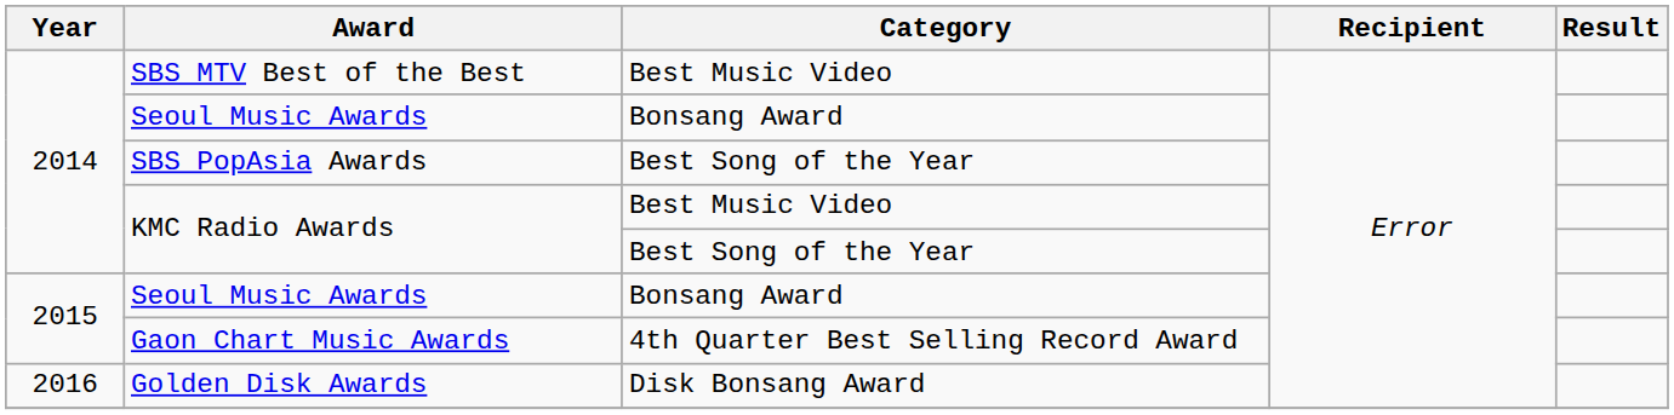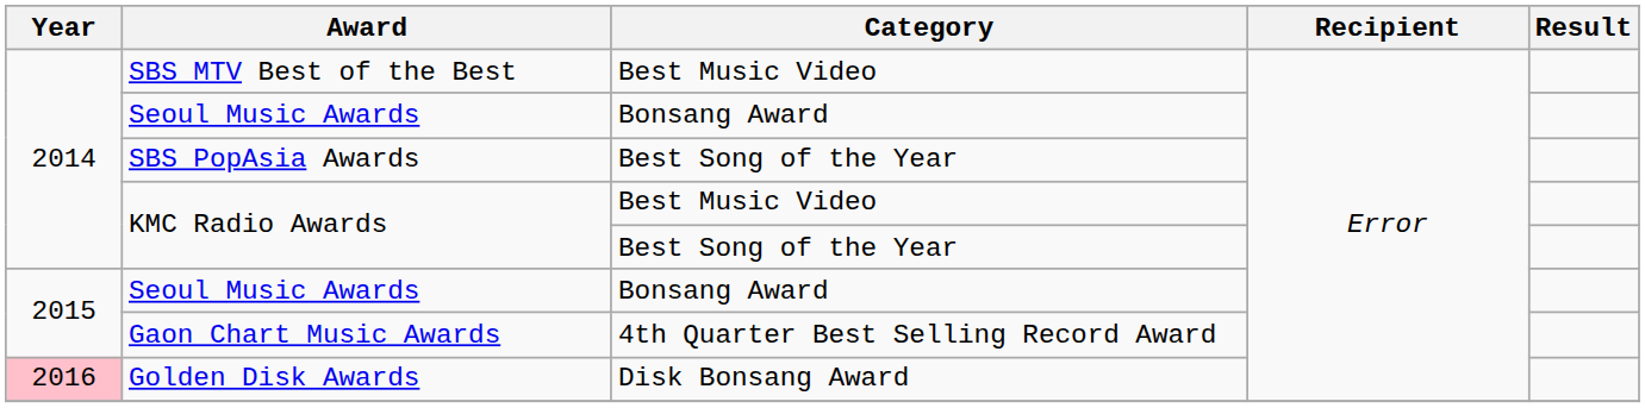 <table class="wikitable">
 <tr>
 <th style="width:50px;">Year</th>
 <th style="width:230px;">Award</th>
 <th style="width:300px;">Category</th>
 <th style="width:130px;">Recipient</th>
 <th>Result</th>
 </tr>
 <tr>
 <td align="center" rowspan="5">2014</td>
 <td><a href='#'>SBS MTV</a> Best of the Best</td>
 <td>Best Music Video</td>
 <td align="center" rowspan="8"><em>Error</em></td>
 <td></td>
 </tr>
 <tr>
 <td><a href='#'>Seoul Music Awards</a></td>
 <td>Bonsang Award</td>
 <td></td>
 </tr>
 <tr>
 <td><a href='#'>SBS PopAsia</a> Awards</td>
 <td>Best Song of the Year</td>
 <td></td>
 </tr>
 <tr>
 <td rowspan="2">KMC Radio Awards</td>
 <td>Best Music Video</td>
 <td></td>
 </tr>
 <tr>
 <td>Best Song of the Year</td>
 <td></td>
 </tr>
 <tr>
 <td align="center" rowspan="2">2015</td>
 <td><a href='#'>Seoul Music Awards</a></td>
 <td>Bonsang Award</td>
 <td></td>
 </tr>
 <tr>
 <td><a href='#'>Gaon Chart Music Awards</a></td>
 <td>4th Quarter Best Selling Record Award</td>
 <td></td>
 </tr>
 <tr>
-<td align="center">2016</td>
+<td align="center" style="background: pink;">2016</td>
 <td><a href='#'>Golden Disk Awards</a></td>
 <td>Disk Bonsang Award</td>
 <td></td>
 </tr>
 <tr>
 </tr>
 </table>
